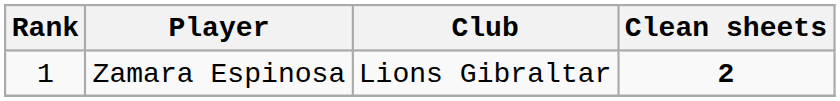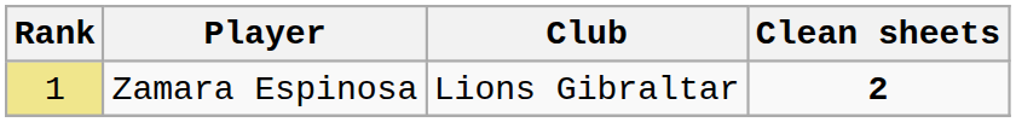 <table class="wikitable" style="text-align:center">
 <tr>
 <th>Rank</th>
 <th>Player</th>
 <th>Club</th>
 <th>Clean sheets</th>
 </tr>
 <tr>
-<td>1</td>
+<td style="background: khaki;">1</td>
 <td align="left"> Zamara Espinosa</td>
 <td align="left">Lions Gibraltar</td>
 <td><strong>2</strong></td>
 </tr>
 <tr>
 </tr>
 </table>
